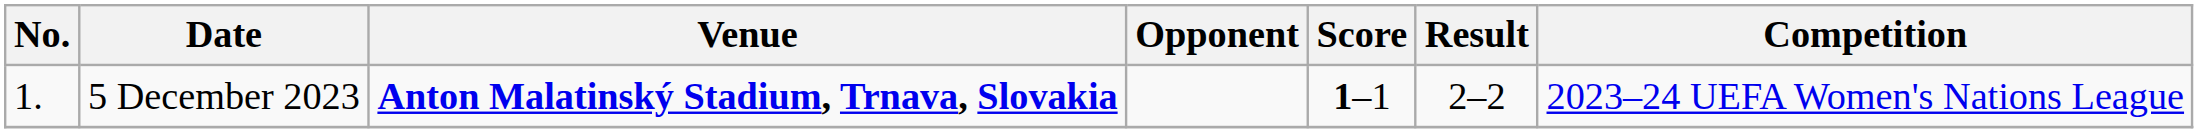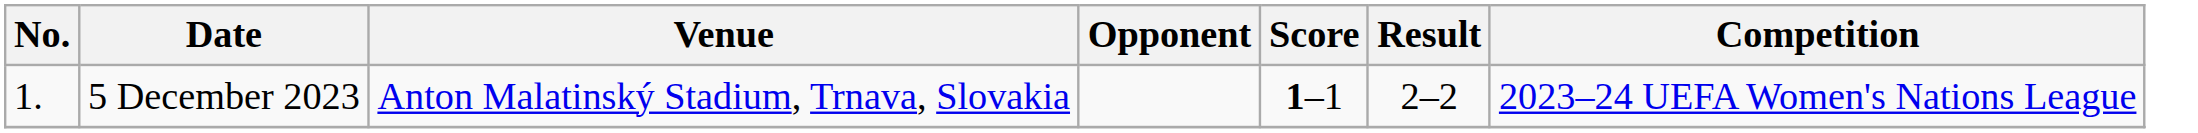 <table class="wikitable">
 <tr>
 <th>No.</th>
 <th>Date</th>
 <th>Venue</th>
 <th>Opponent</th>
 <th>Score</th>
 <th>Result</th>
 <th>Competition</th>
 </tr>
 <tr>
 <td>1.</td>
 <td>5 December 2023</td>
-<td><strong><a href='#'>Anton Malatinský Stadium</a>, <a href='#'>Trnava</a>, <a href='#'>Slovakia</a></strong></td>
+<td><a href='#'>Anton Malatinský Stadium</a>, <a href='#'>Trnava</a>, <a href='#'>Slovakia</a></td>
 <td></td>
 <td align=center><strong>1</strong>–1</td>
 <td align=center>2–2</td>
 <td><a href='#'>2023–24 UEFA Women's Nations League</a></td>
 </tr>
 <tr>
 </tr>
 </table>
